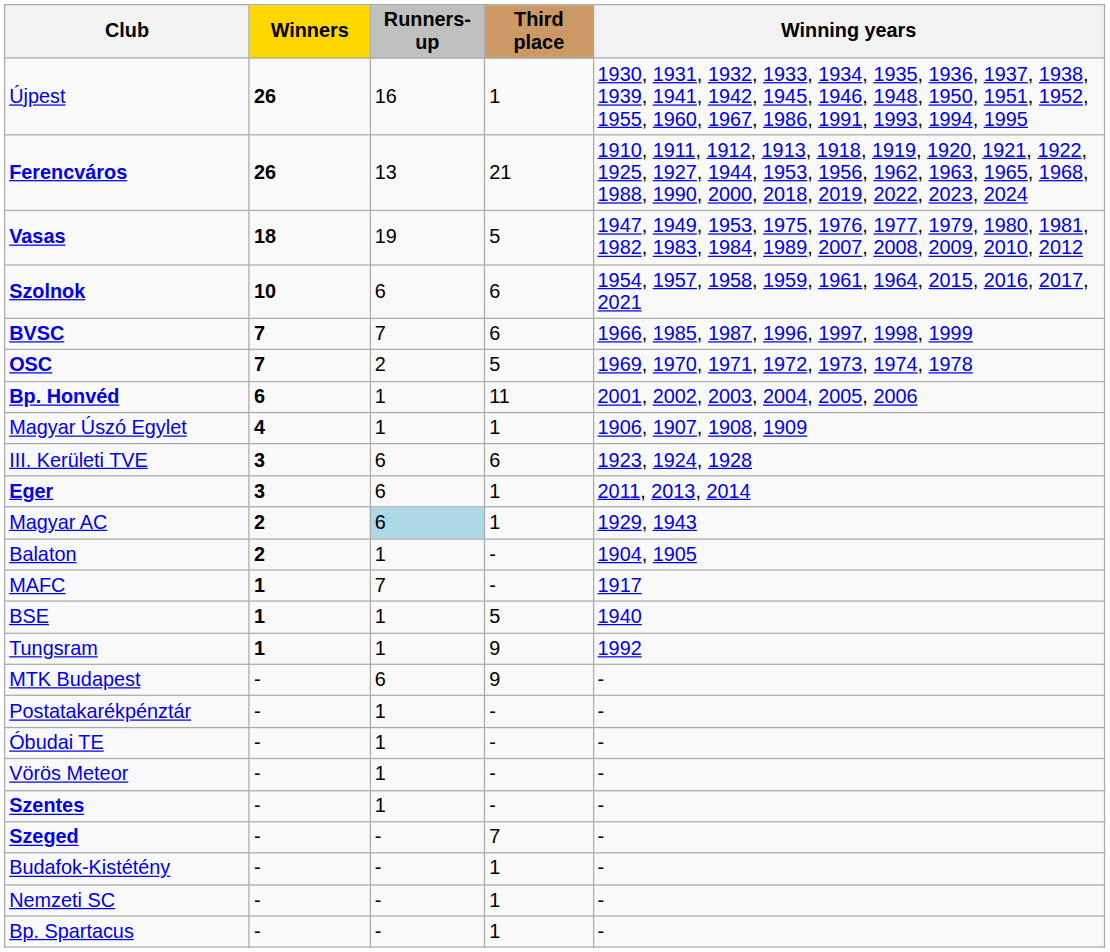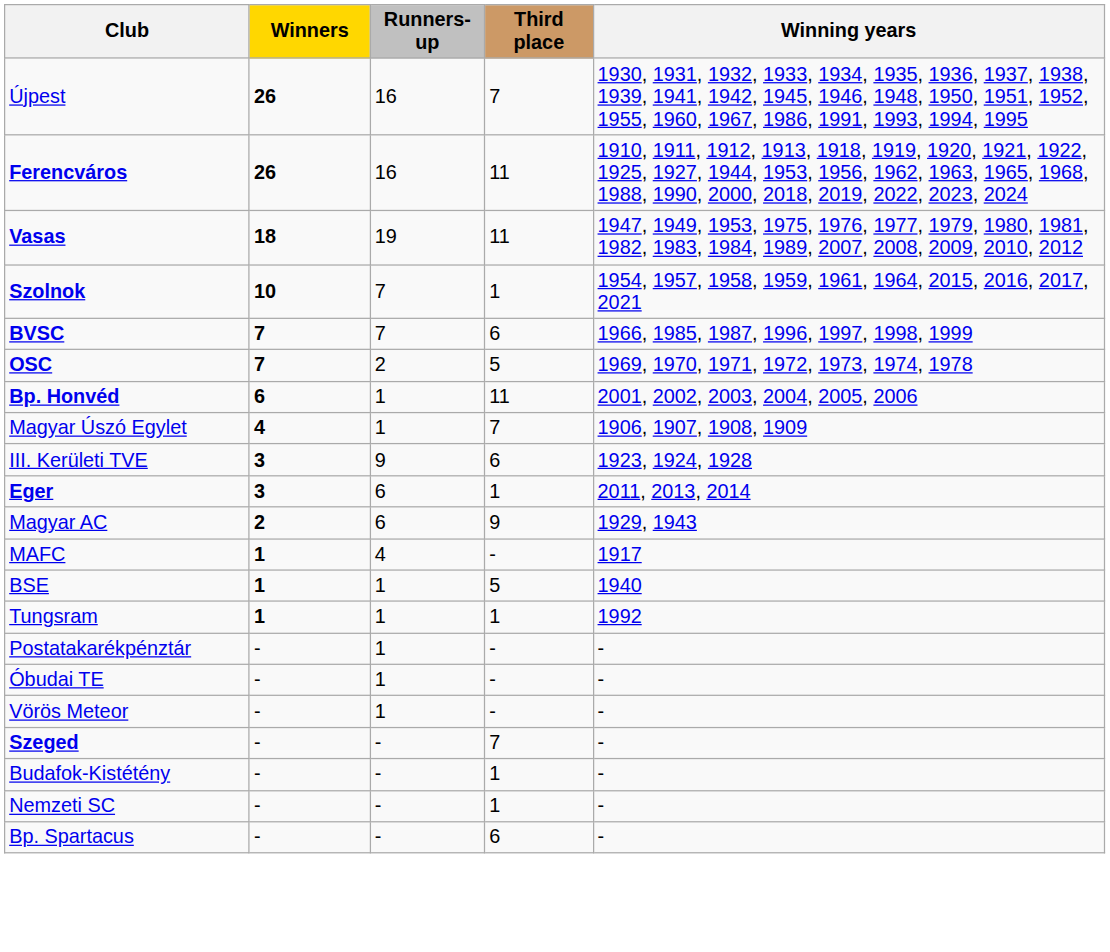 <table class="wikitable">
 <tr>
 <th width=190>Club</th>
 <th width=90; style="background:gold">Winners</th>
 <th width=85; style="background:silver">Runners-up</th>
 <th width=80; style="background:#cc9966">Third place</th>
 <th width=405>Winning years</th>
 </tr>
 <tr>
 <td><a href='#'>Újpest</a> </td>
 <td><div> <strong>26</strong></div></td>
 <td><div> 16</div></td>
-<td><div> 1</div></td>
+<td><div> 7</div></td>
 <td><a href='#'>1930</a>, <a href='#'>1931</a>, <a href='#'>1932</a>, <a href='#'>1933</a>, <a href='#'>1934</a>, <a href='#'>1935</a>, <a href='#'>1936</a>, <a href='#'>1937</a>, <a href='#'>1938</a>, <a href='#'>1939</a>, <a href='#'>1941</a>, <a href='#'>1942</a>, <a href='#'>1945</a>, <a href='#'>1946</a>, <a href='#'>1948</a>, <a href='#'>1950</a>, <a href='#'>1951</a>, <a href='#'>1952</a>, <a href='#'>1955</a>, <a href='#'>1960</a>, <a href='#'>1967</a>, <a href='#'>1986</a>, <a href='#'>1991</a>, <a href='#'>1993</a>, <a href='#'>1994</a>, <a href='#'>1995</a></td>
 </tr>
 <tr>
 <td><strong><a href='#'>Ferencváros</a></strong> </td>
 <td><div> <strong>26</strong></div></td>
-<td><div> 13</div></td>
-<td><div> 21</div></td>
+<td><div> 16</div></td>
+<td><div> 11</div></td>
 <td><a href='#'>1910</a>, <a href='#'>1911</a>, <a href='#'>1912</a>, <a href='#'>1913</a>, <a href='#'>1918</a>, <a href='#'>1919</a>, <a href='#'>1920</a>, <a href='#'>1921</a>, <a href='#'>1922</a>, <a href='#'>1925</a>, <a href='#'>1927</a>, <a href='#'>1944</a>, <a href='#'>1953</a>, <a href='#'>1956</a>, <a href='#'>1962</a>, <a href='#'>1963</a>, <a href='#'>1965</a>, <a href='#'>1968</a>, <a href='#'>1988</a>, <a href='#'>1990</a>, <a href='#'>2000</a>, <a href='#'>2018</a>, <a href='#'>2019</a>, <a href='#'>2022</a>, <a href='#'>2023</a>, <a href='#'>2024</a></td>
 </tr>
 <tr>
 <td><strong><a href='#'>Vasas</a></strong> </td>
 <td><div> <strong>18</strong></div></td>
 <td><div> 19</div></td>
-<td><div> 5</div></td>
+<td><div> 11</div></td>
 <td><a href='#'>1947</a>, <a href='#'>1949</a>, <a href='#'>1953</a>, <a href='#'>1975</a>, <a href='#'>1976</a>, <a href='#'>1977</a>, <a href='#'>1979</a>, <a href='#'>1980</a>, <a href='#'>1981</a>, <a href='#'>1982</a>, <a href='#'>1983</a>, <a href='#'>1984</a>, <a href='#'>1989</a>, <a href='#'>2007</a>, <a href='#'>2008</a>, <a href='#'>2009</a>, <a href='#'>2010</a>, <a href='#'>2012</a></td>
 </tr>
 <tr>
 <td><strong><a href='#'>Szolnok</a></strong> </td>
 <td><div> <strong>10</strong></div></td>
-<td><div> 6</div></td>
-<td><div> 6</div></td>
+<td><div> 7</div></td>
+<td><div> 1</div></td>
 <td><a href='#'>1954</a>, <a href='#'>1957</a>, <a href='#'>1958</a>, <a href='#'>1959</a>, <a href='#'>1961</a>, <a href='#'>1964</a>, <a href='#'>2015</a>, <a href='#'>2016</a>, <a href='#'>2017</a>, <a href='#'>2021</a></td>
 </tr>
 <tr>
 <td><strong><a href='#'>BVSC</a></strong></td>
 <td><div> <strong>7</strong></div></td>
 <td><div> 7</div></td>
 <td><div> 6</div></td>
 <td><a href='#'>1966</a>, <a href='#'>1985</a>, <a href='#'>1987</a>, <a href='#'>1996</a>, <a href='#'>1997</a>, <a href='#'>1998</a>, <a href='#'>1999</a></td>
 </tr>
 <tr>
 <td><strong><a href='#'>OSC</a></strong></td>
 <td><div> <strong>7</strong></div></td>
 <td><div> 2</div></td>
 <td><div> 5</div></td>
 <td><a href='#'>1969</a>, <a href='#'>1970</a>, <a href='#'>1971</a>, <a href='#'>1972</a>, <a href='#'>1973</a>, <a href='#'>1974</a>, <a href='#'>1978</a></td>
 </tr>
 <tr>
 <td><strong><a href='#'>Bp. Honvéd</a></strong></td>
 <td><div> <strong>6</strong></div></td>
 <td><div> 1</div></td>
 <td><div> 11</div></td>
 <td><a href='#'>2001</a>, <a href='#'>2002</a>, <a href='#'>2003</a>, <a href='#'>2004</a>, <a href='#'>2005</a>, <a href='#'>2006</a></td>
 </tr>
 <tr>
 <td><a href='#'>Magyar Úszó Egylet</a></td>
 <td><div> <strong>4</strong></div></td>
 <td><div> 1</div></td>
-<td><div> 1</div></td>
+<td><div> 7</div></td>
 <td><a href='#'>1906</a>, <a href='#'>1907</a>, <a href='#'>1908</a>, <a href='#'>1909</a></td>
 </tr>
 <tr>
 <td><a href='#'>III. Kerületi TVE</a></td>
 <td><div> <strong>3</strong></div></td>
-<td><div> 6</div></td>
+<td><div> 9</div></td>
 <td><div> 6</div></td>
 <td><a href='#'>1923</a>, <a href='#'>1924</a>, <a href='#'>1928</a></td>
 </tr>
 <tr>
 <td><strong><a href='#'>Eger</a></strong></td>
 <td><div> <strong>3</strong></div></td>
 <td><div> 6</div></td>
 <td><div> 1</div></td>
 <td><a href='#'>2011</a>, <a href='#'>2013</a>, <a href='#'>2014</a></td>
 </tr>
 <tr>
 <td><a href='#'>Magyar AC</a></td>
 <td><div> <strong>2</strong></div></td>
-<td style="background: lightblue;"><div> 6</div></td>
-<td><div> 1</div></td>
+<td><div> 6</div></td>
+<td><div> 9</div></td>
 <td><a href='#'>1929</a>, <a href='#'>1943</a></td>
-</tr>
-<tr>
-<td><a href='#'>Balaton</a></td>
-<td><div> <strong>2</strong></div></td>
-<td><div> 1</div></td>
-<td><div> -</div></td>
-<td><a href='#'>1904</a>, <a href='#'>1905</a></td>
 </tr>
 <tr>
 <td><a href='#'>MAFC</a></td>
 <td><div> <strong>1</strong></div></td>
-<td><div> 7</div></td>
+<td><div> 4</div></td>
 <td><div> -</div></td>
 <td><a href='#'>1917</a></td>
 </tr>
 <tr>
 <td><a href='#'>BSE</a></td>
 <td><div> <strong>1</strong></div></td>
 <td><div> 1</div></td>
 <td><div> 5</div></td>
 <td><a href='#'>1940</a></td>
 </tr>
 <tr>
 <td><a href='#'>Tungsram</a></td>
 <td><div> <strong>1</strong></div></td>
 <td><div> 1</div></td>
-<td><div> 9</div></td>
+<td><div> 1</div></td>
 <td><a href='#'>1992</a></td>
-</tr>
-<tr>
-<td><a href='#'>MTK Budapest</a></td>
-<td><div> -</div></td>
-<td><div> 6</div></td>
-<td><div> 9</div></td>
-<td>-</td>
 </tr>
 <tr>
 <td><a href='#'>Postatakarékpénztár</a></td>
 <td><div> -</div></td>
 <td><div> 1</div></td>
 <td><div> -</div></td>
 <td>-</td>
 </tr>
 <tr>
 <td><a href='#'>Óbudai TE</a></td>
 <td><div> -</div></td>
 <td><div> 1</div></td>
 <td><div> -</div></td>
 <td>-</td>
 </tr>
 <tr>
 <td><a href='#'>Vörös Meteor</a></td>
-<td><div> -</div></td>
-<td><div> 1</div></td>
-<td><div> -</div></td>
-<td>-</td>
-</tr>
-<tr>
-<td><strong><a href='#'>Szentes</a></strong></td>
 <td><div> -</div></td>
 <td><div> 1</div></td>
 <td><div> -</div></td>
 <td>-</td>
 </tr>
 <tr>
 <td><strong><a href='#'>Szeged</a></strong></td>
 <td><div> -</div></td>
 <td><div> -</div></td>
 <td><div> 7</div></td>
 <td>-</td>
 </tr>
 <tr>
 <td><a href='#'>Budafok-Kistétény</a></td>
 <td><div> -</div></td>
 <td><div> -</div></td>
 <td><div> 1</div></td>
 <td>-</td>
 </tr>
 <tr>
 <td><a href='#'>Nemzeti SC</a></td>
 <td><div> -</div></td>
 <td><div> -</div></td>
 <td><div> 1</div></td>
 <td>-</td>
 </tr>
 <tr>
 <td><a href='#'>Bp. Spartacus</a></td>
 <td><div> -</div></td>
 <td><div> -</div></td>
-<td><div> 1</div></td>
+<td><div> 6</div></td>
 <td>-</td>
 </tr>
 </table>
